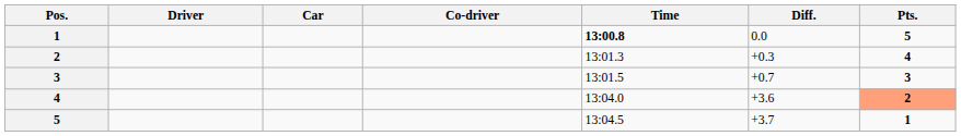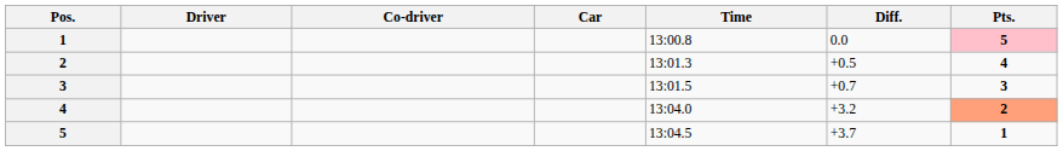 <table class="wikitable" width=80% style="font-size: 85%;">
 <tr>
 <th>Pos.</th>
 <th>Driver</th>
+<th>Co-driver</th>
 <th>Car</th>
-<th>Co-driver</th>
 <th>Time</th>
 <th>Diff.</th>
 <th>Pts.</th>
 </tr>
 <tr>
 <th>1</th>
 <td></td>
 <td></td>
 <td></td>
-<td><strong>13:00.8</strong></td>
+<td>13:00.8</td>
 <td>0.0</td>
-<td align="center"><strong>5</strong></td>
+<td align="center" style="background: pink;"><strong>5</strong></td>
 </tr>
 <tr>
 <th>2</th>
 <td></td>
 <td></td>
 <td></td>
 <td>13:01.3</td>
-<td>+0.3</td>
+<td>+0.5</td>
 <td align="center"><strong>4</strong></td>
 </tr>
 <tr>
 <th>3</th>
 <td></td>
 <td></td>
 <td></td>
 <td>13:01.5</td>
 <td>+0.7</td>
 <td align="center"><strong>3</strong></td>
 </tr>
 <tr>
 <th>4</th>
 <td></td>
 <td></td>
 <td></td>
 <td>13:04.0</td>
-<td>+3.6</td>
+<td>+3.2</td>
 <td align="center" style="background: lightsalmon;"><strong>2</strong></td>
 </tr>
 <tr>
 <th>5</th>
 <td></td>
 <td></td>
 <td></td>
 <td>13:04.5</td>
 <td>+3.7</td>
 <td align="center"><strong>1</strong></td>
 </tr>
 </table>
